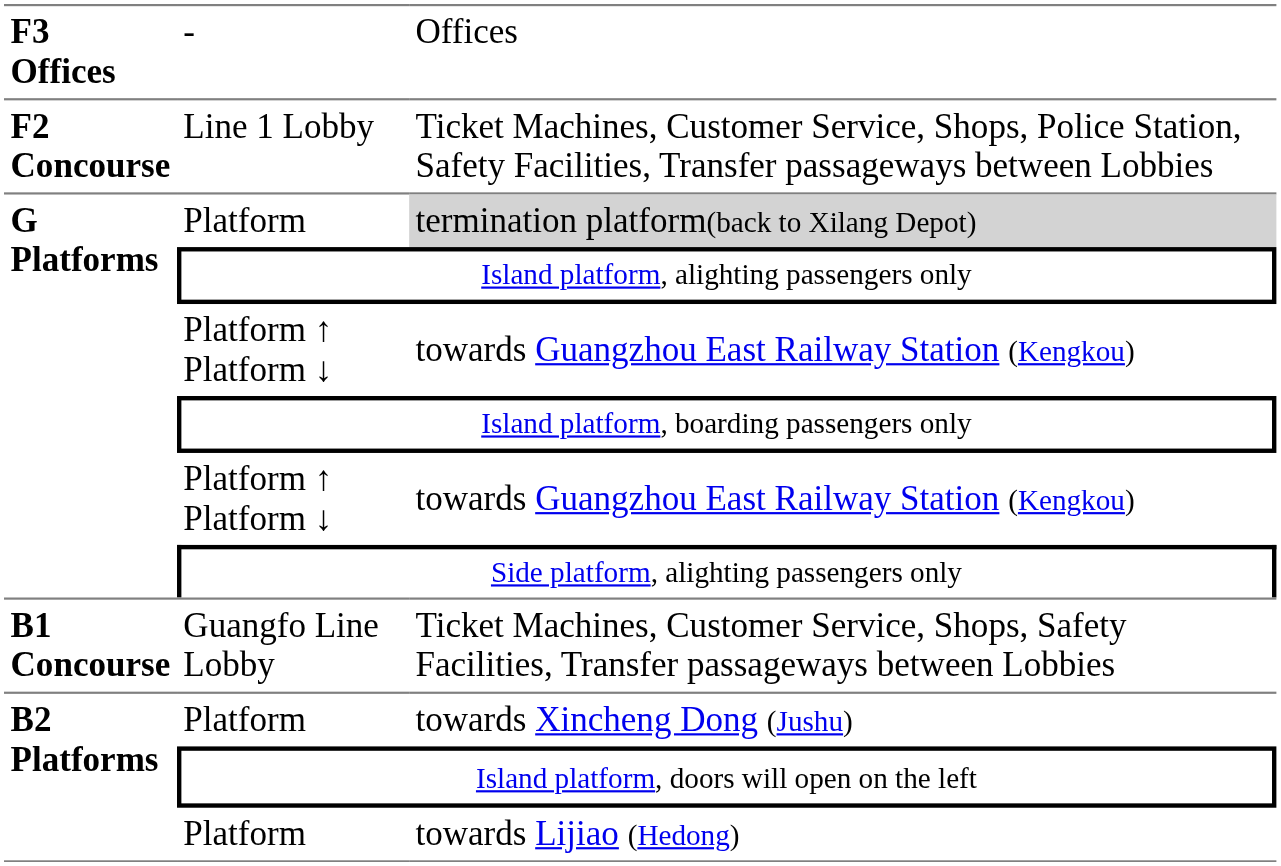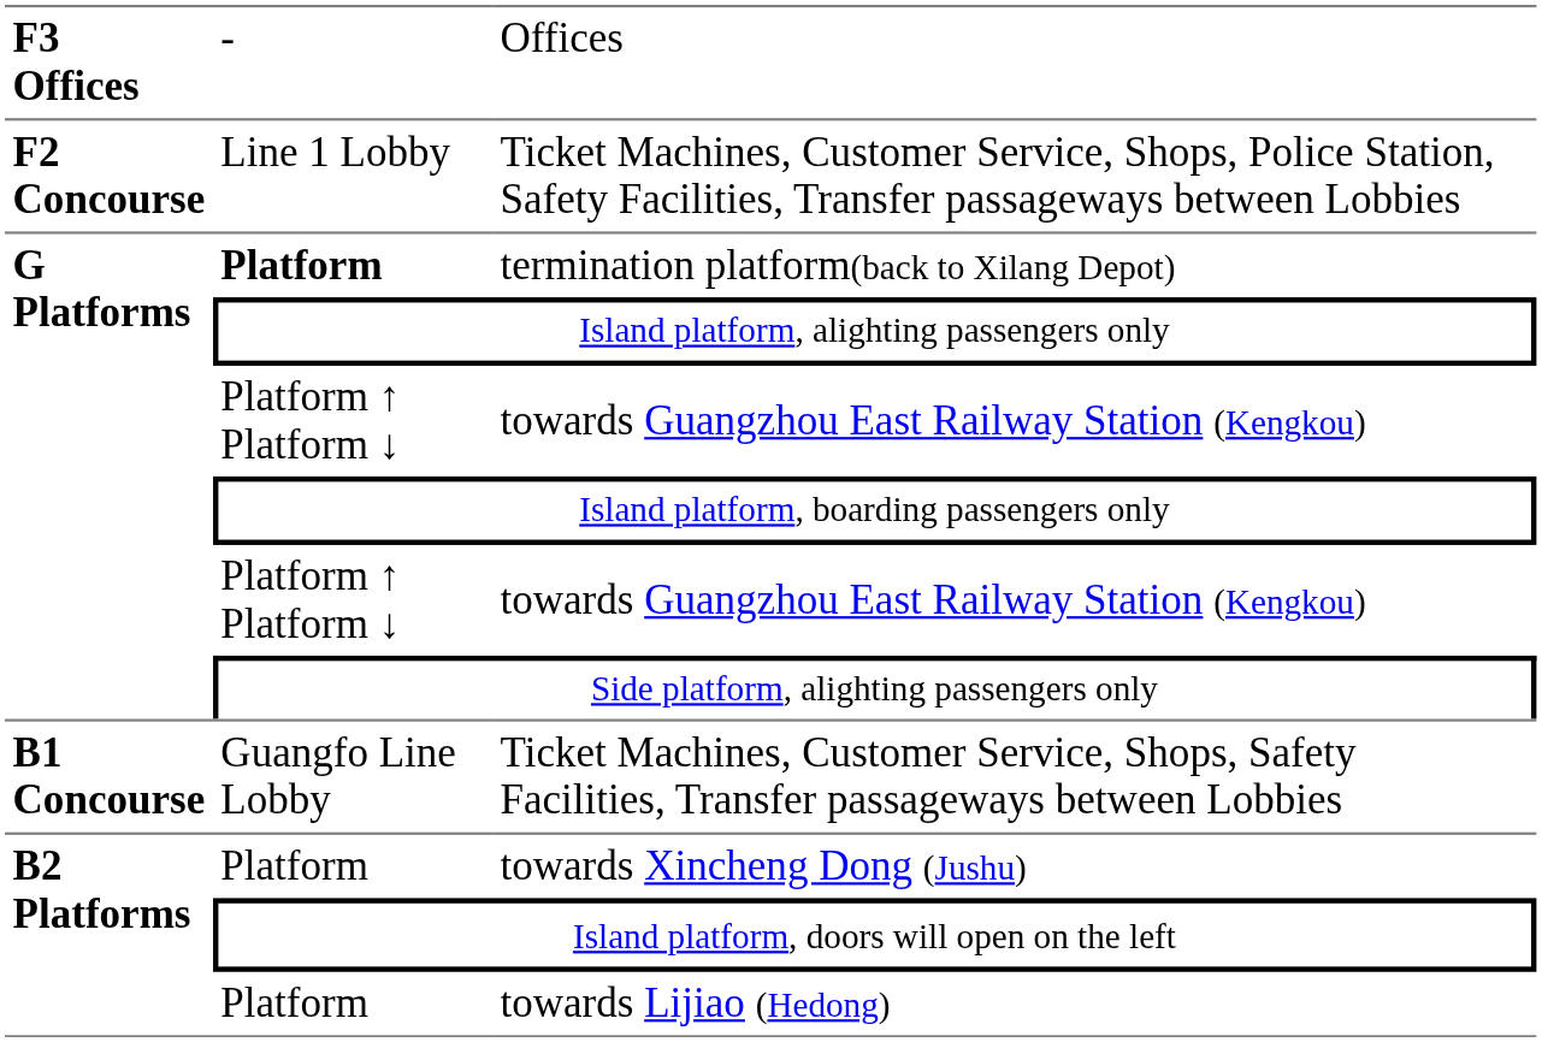 <table cellspacing=0 cellpadding=3>
 <tr>
 <td style="border-bottom:solid 1px gray;border-top:solid 1px gray;" width=50 valign=top><strong>F3<br>Offices</strong></td>
 <td style="border-top:solid 1px gray;border-bottom:solid 1px gray;" width=100 valign=top>-</td>
 <td style="border-top:solid 1px gray;border-bottom:solid 1px gray;" width=390 valign=top>Offices</td>
 </tr>
 <tr>
 <td style="border-bottom:solid 1px gray;" valign=top><strong>F2<br>Concourse</strong></td>
 <td style="border-bottom:solid 1px gray;" valign=top>Line 1 Lobby</td>
 <td style="border-bottom:solid 1px gray;">Ticket Machines, Customer Service, Shops, Police Station, Safety Facilities, Transfer passageways between Lobbies</td>
 </tr>
 <tr>
 <td rowspan=6 valign=top><strong>G<br>Platforms</strong></td>
-<td>Platform </td>
-<td style="background: lightgrey;"><span></span>  termination platform<small>(back to Xilang Depot)</small></td>
+<td><strong>Platform </strong></td>
+<td><span></span>  termination platform<small>(back to Xilang Depot)</small></td>
 </tr>
 <tr>
 <td style="border-top:solid 2px black;border-right:solid 2px black;border-left:solid 2px black;border-bottom:solid 2px black;font-size:smaller;text-align:center;" colspan=2><a href='#'>Island platform</a>, alighting passengers only</td>
 </tr>
 <tr>
 <td>Platform  ↑<br>Platform  ↓</td>
 <td><span></span>  towards <a href='#'>Guangzhou East Railway Station</a> <small>(<a href='#'>Kengkou</a>)</small> </td>
 </tr>
 <tr>
 <td style="border-top:solid 2px black;border-right:solid 2px black;border-left:solid 2px black;border-bottom:solid 2px black;font-size:smaller;text-align:center;" colspan=3><a href='#'>Island platform</a>, boarding passengers only</td>
 </tr>
 <tr>
 <td>Platform  ↑<br>Platform  ↓</td>
 <td><span></span>  towards <a href='#'>Guangzhou East Railway Station</a> <small>(<a href='#'>Kengkou</a>)</small> </td>
 </tr>
 <tr>
 <td style="border-top:solid 2px black;border-right:solid 2px black;border-left:solid 2px black;font-size:smaller;text-align:center;" colspan=4><a href='#'>Side platform</a>, alighting passengers only</td>
 </tr>
 <tr>
 <td style="border-top:solid 1px gray;" valign=top><strong>B1<br>Concourse</strong></td>
 <td style="border-top:solid 1px gray;" valign=top>Guangfo Line Lobby</td>
 <td style="border-top:solid 1px gray;">Ticket Machines, Customer Service, Shops, Safety Facilities, Transfer passageways between Lobbies</td>
 </tr>
 <tr>
 <td style="border-bottom:solid 1px gray;border-top:solid 1px gray;" rowspan=3 valign=top><strong>B2<br>Platforms</strong></td>
 <td style="border-top:solid 1px gray;">Platform </td>
 <td style="border-top:solid 1px gray;">  towards <a href='#'>Xincheng Dong</a> <small>(<a href='#'>Jushu</a>)</small></td>
 </tr>
 <tr>
 <td style="border-right:solid 2px black;border-left:solid 2px black;border-top:solid 2px black;border-bottom:solid 2px black;text-align:center;" colspan=2><small><a href='#'>Island platform</a>, doors will open on the left</small></td>
 </tr>
 <tr>
 <td style="border-bottom:solid 1px gray;">Platform </td>
 <td style="border-bottom:solid 1px gray;"><span></span>  towards <a href='#'>Lijiao</a> <small>(<a href='#'>Hedong</a>) </small></td>
 </tr>
 </table>
